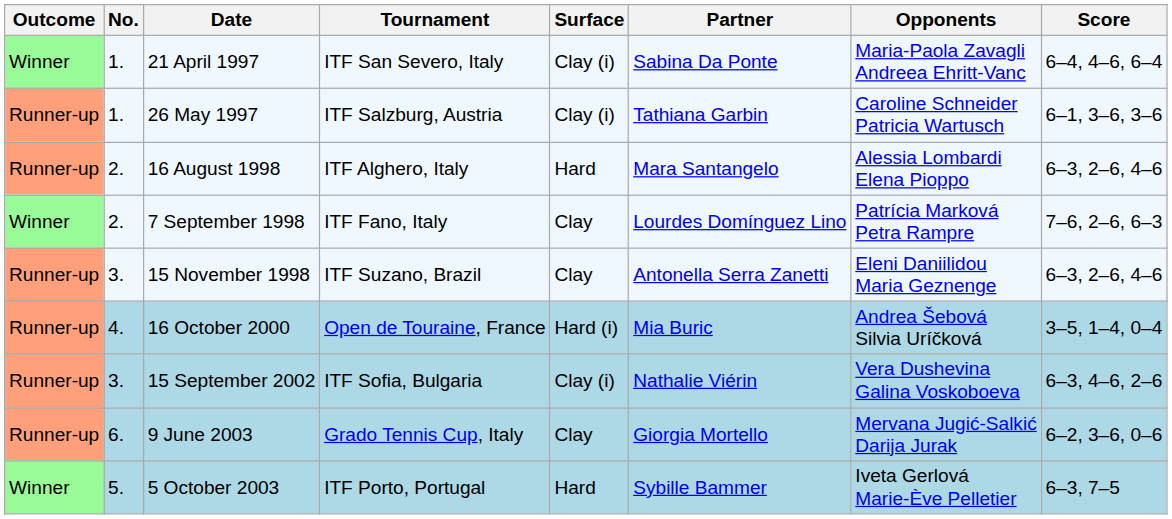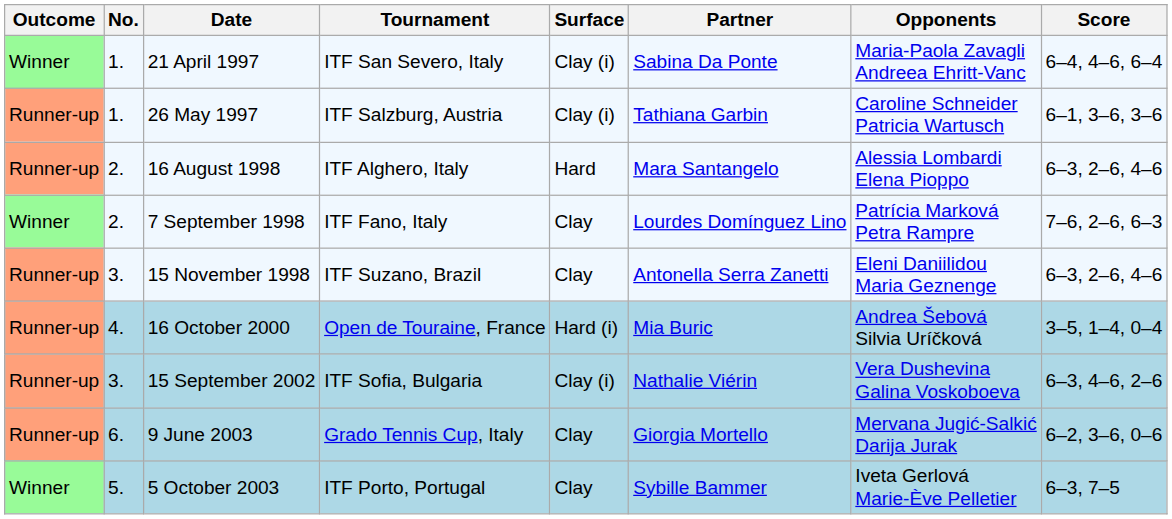 <table class="sortable wikitable" style=font-size:97%>
 <tr>
 <th>Outcome</th>
 <th>No.</th>
 <th>Date</th>
 <th>Tournament</th>
 <th>Surface</th>
 <th>Partner</th>
 <th>Opponents</th>
 <th class="unsortable">Score</th>
 </tr>
 <tr style="background:#f0f8ff;">
 <td style="background:#98fb98;">Winner</td>
 <td>1.</td>
 <td>21 April 1997</td>
 <td>ITF San Severo, Italy</td>
 <td>Clay (i)</td>
 <td> <a href='#'>Sabina Da Ponte</a></td>
 <td> <a href='#'>Maria-Paola Zavagli</a> <br>  <a href='#'>Andreea Ehritt-Vanc</a></td>
 <td>6–4, 4–6, 6–4</td>
 </tr>
 <tr style="background:#f0f8ff;">
 <td style="background:#ffa07a;">Runner-up</td>
 <td>1.</td>
 <td>26 May 1997</td>
 <td>ITF Salzburg, Austria</td>
 <td>Clay (i)</td>
 <td> <a href='#'>Tathiana Garbin</a></td>
 <td> <a href='#'>Caroline Schneider</a> <br>  <a href='#'>Patricia Wartusch</a></td>
 <td>6–1, 3–6, 3–6</td>
 </tr>
 <tr style="background:#f0f8ff;">
 <td style="background:#ffa07a;">Runner-up</td>
 <td>2.</td>
 <td>16 August 1998</td>
 <td>ITF Alghero, Italy</td>
 <td>Hard</td>
 <td> <a href='#'>Mara Santangelo</a></td>
 <td> <a href='#'>Alessia Lombardi</a> <br>  <a href='#'>Elena Pioppo</a></td>
 <td>6–3, 2–6, 4–6</td>
 </tr>
 <tr style="background:#f0f8ff;">
 <td style="background:#98fb98;">Winner</td>
 <td>2.</td>
 <td>7 September 1998</td>
 <td>ITF Fano, Italy</td>
 <td>Clay</td>
 <td> <a href='#'>Lourdes Domínguez Lino</a></td>
 <td> <a href='#'>Patrícia Marková</a> <br>  <a href='#'>Petra Rampre</a></td>
 <td>7–6, 2–6, 6–3</td>
 </tr>
 <tr style="background:#f0f8ff;">
 <td style="background:#ffa07a;">Runner-up</td>
 <td>3.</td>
 <td>15 November 1998</td>
 <td>ITF Suzano, Brazil</td>
 <td>Clay</td>
 <td> <a href='#'>Antonella Serra Zanetti</a></td>
 <td> <a href='#'>Eleni Daniilidou</a> <br>  <a href='#'>Maria Geznenge</a></td>
 <td>6–3, 2–6, 4–6</td>
 </tr>
 <tr style="background:lightblue">
 <td bgcolor="FFA07A">Runner-up</td>
 <td>4.</td>
 <td>16 October 2000</td>
 <td><a href='#'>Open de Touraine</a>, France</td>
 <td>Hard (i)</td>
 <td> <a href='#'>Mia Buric</a></td>
 <td> <a href='#'>Andrea Šebová</a> <br>  Silvia Uríčková</td>
 <td>3–5, 1–4, 0–4</td>
 </tr>
 <tr style="background:lightblue">
 <td bgcolor="FFA07A">Runner-up</td>
 <td>3.</td>
 <td>15 September 2002</td>
 <td>ITF Sofia, Bulgaria</td>
 <td>Clay (i)</td>
 <td> <a href='#'>Nathalie Viérin</a></td>
 <td> <a href='#'>Vera Dushevina</a> <br>  <a href='#'>Galina Voskoboeva</a></td>
 <td>6–3, 4–6, 2–6</td>
 </tr>
 <tr style="background:lightblue;">
 <td bgcolor="FFA07A">Runner-up</td>
 <td>6.</td>
 <td>9 June 2003</td>
 <td><a href='#'>Grado Tennis Cup</a>, Italy</td>
 <td>Clay</td>
 <td> <a href='#'>Giorgia Mortello</a></td>
 <td> <a href='#'>Mervana Jugić-Salkić</a> <br>  <a href='#'>Darija Jurak</a></td>
 <td>6–2, 3–6, 0–6</td>
 </tr>
 <tr style="background:lightblue;">
 <td style="background:#98fb98;">Winner</td>
 <td>5.</td>
 <td>5 October 2003</td>
 <td>ITF Porto, Portugal</td>
-<td>Hard</td>
+<td>Clay</td>
 <td> <a href='#'>Sybille Bammer</a></td>
 <td> Iveta Gerlová <br>  <a href='#'>Marie-Ève Pelletier</a></td>
 <td>6–3, 7–5</td>
 </tr>
 </table>
